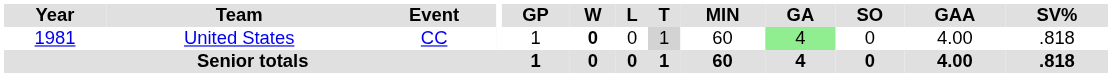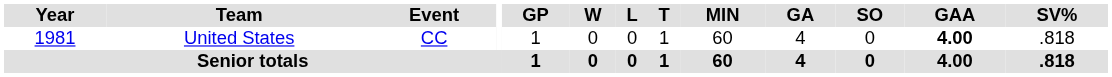 <table border="0" cellpadding="1" cellspacing="0" ID="Table3" style="text-align:center; width:60em">
 <tr ALIGN="center" bgcolor="#e0e0e0">
 <th>Year</th>
 <th>Team</th>
 <th>Event</th>
 <th rowspan="99" bgcolor="#ffffff"></th>
 <th>GP</th>
 <th>W</th>
 <th>L</th>
 <th>T</th>
 <th>MIN</th>
 <th>GA</th>
 <th>SO</th>
 <th>GAA</th>
 <th>SV%</th>
 </tr>
 <tr>
 <td><a href='#'>1981</a></td>
 <td><a href='#'>United States</a></td>
 <td><a href='#'>CC</a></td>
 <td>1</td>
-<td><strong>0</strong></td>
 <td>0</td>
-<td style="background: lightgrey;">1</td>
+<td>0</td>
+<td>1</td>
 <td>60</td>
-<td style="background: lightgreen;">4</td>
+<td>4</td>
 <td>0</td>
-<td>4.00</td>
+<td><strong>4.00</strong></td>
 <td>.818</td>
 </tr>
 <tr bgcolor="#e0e0e0">
 <th colspan=4>Senior totals</th>
 <th>1</th>
 <th>0</th>
 <th>0</th>
 <th>1</th>
 <th>60</th>
 <th>4</th>
 <th>0</th>
 <th>4.00</th>
 <th>.818</th>
 </tr>
 </table>
